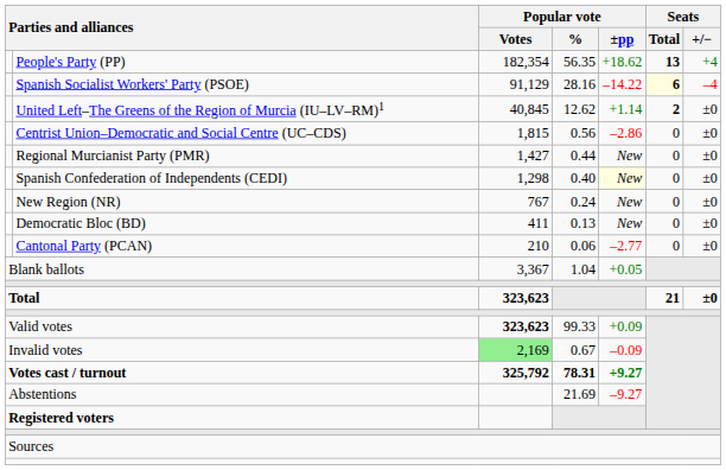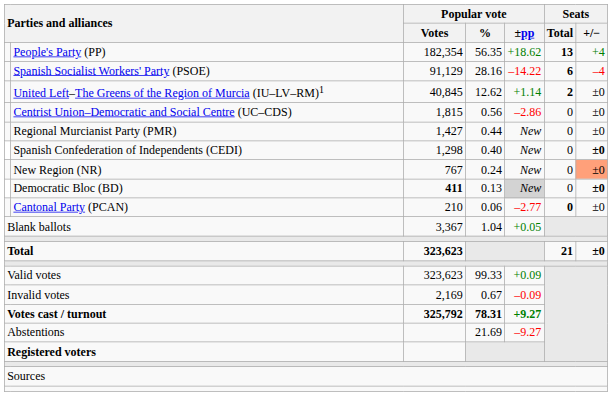 <table class="wikitable" style="text-align:right;">
 <tr>
 <th style="text-align:left;" rowspan="2" colspan="2" width="525">Parties and alliances</th>
 <th colspan="3">Popular vote</th>
 <th colspan="2">Seats</th>
 </tr>
 <tr>
 <th width="75">Votes</th>
 <th width="45">%</th>
 <th width="45">±<a href='#'>pp</a></th>
 <th width="35">Total</th>
 <th width="35">+/−</th>
 </tr>
 <tr>
 <td width="1" style="color:inherit;background:"></td>
 <td align="left"><a href='#'>People's Party</a> (PP)</td>
 <td>182,354</td>
 <td>56.35</td>
 <td style="color:green;">+18.62</td>
 <td><strong>13</strong></td>
 <td style="color:green;">+4</td>
 </tr>
 <tr>
 <td style="color:inherit;background:"></td>
 <td align="left"><a href='#'>Spanish Socialist Workers' Party</a> (PSOE)</td>
 <td>91,129</td>
 <td>28.16</td>
 <td style="color:red;">–14.22</td>
-<td style="background: lightyellow;"><strong>6</strong></td>
+<td><strong>6</strong></td>
 <td style="color:red;">–4</td>
 </tr>
 <tr>
 <td style="color:inherit;background:"></td>
 <td align="left"><a href='#'>United Left</a>–<a href='#'>The Greens of the Region of Murcia</a> (IU–LV–RM)<sup>1</sup></td>
 <td>40,845</td>
 <td>12.62</td>
 <td style="color:green;">+1.14</td>
 <td><strong>2</strong></td>
 <td>±0</td>
 </tr>
 <tr>
 <td style="color:inherit;background:"></td>
 <td align="left"><a href='#'>Centrist Union–Democratic and Social Centre</a> (UC–CDS)</td>
 <td>1,815</td>
 <td>0.56</td>
 <td style="color:red;">–2.86</td>
 <td>0</td>
 <td>±0</td>
 </tr>
 <tr>
 <td style="color:inherit;background:"></td>
 <td align="left">Regional Murcianist Party (PMR)</td>
 <td>1,427</td>
 <td>0.44</td>
 <td><em>New</em></td>
 <td>0</td>
 <td>±0</td>
 </tr>
 <tr>
 <td bgcolor="white"></td>
 <td align="left">Spanish Confederation of Independents (CEDI)</td>
 <td>1,298</td>
 <td>0.40</td>
-<td style="background: lightyellow;"><em>New</em></td>
+<td><em>New</em></td>
 <td>0</td>
-<td>±0</td>
+<td><strong>±0</strong></td>
 </tr>
 <tr>
 <td style="color:inherit;background:"></td>
 <td align="left">New Region (NR)</td>
 <td>767</td>
 <td>0.24</td>
 <td><em>New</em></td>
 <td>0</td>
-<td>±0</td>
+<td style="background: lightsalmon;">±0</td>
 </tr>
 <tr>
 <td bgcolor="white"></td>
 <td align="left">Democratic Bloc (BD)</td>
-<td>411</td>
+<td><strong>411</strong></td>
 <td>0.13</td>
-<td><em>New</em></td>
+<td style="background: lightgrey;"><em>New</em></td>
 <td>0</td>
-<td>±0</td>
+<td><strong>±0</strong></td>
 </tr>
 <tr>
 <td style="color:inherit;background:"></td>
 <td align="left"><a href='#'>Cantonal Party</a> (PCAN)</td>
 <td>210</td>
 <td>0.06</td>
 <td style="color:red;">–2.77</td>
-<td>0</td>
+<td><strong>0</strong></td>
 <td>±0</td>
 </tr>
 <tr>
 <td align="left" colspan="2">Blank ballots</td>
 <td>3,367</td>
 <td>1.04</td>
 <td style="color:green;">+0.05</td>
 <td bgcolor="#E9E9E9" colspan="2"></td>
 </tr>
 <tr>
 <td colspan="7" bgcolor="#E9E9E9"></td>
 </tr>
 <tr style="font-weight:bold;">
 <td align="left" colspan="2">Total</td>
 <td>323,623</td>
 <td bgcolor="#E9E9E9" colspan="2"></td>
 <td>21</td>
 <td>±0</td>
 </tr>
 <tr>
 <td colspan="7" bgcolor="#E9E9E9"></td>
 </tr>
 <tr>
 <td align="left" colspan="2">Valid votes</td>
-<td><strong>323,623</strong></td>
+<td>323,623</td>
 <td>99.33</td>
 <td style="color:green;">+0.09</td>
 <td bgcolor="#E9E9E9" colspan="2" rowspan="5"></td>
 </tr>
 <tr>
 <td align="left" colspan="2">Invalid votes</td>
-<td style="background: lightgreen;">2,169</td>
+<td>2,169</td>
 <td>0.67</td>
 <td style="color:red;">–0.09</td>
 </tr>
 <tr style="font-weight:bold;">
 <td align="left" colspan="2">Votes cast / turnout</td>
 <td>325,792</td>
 <td>78.31</td>
 <td style="color:green;">+9.27</td>
 </tr>
 <tr>
 <td align="left" colspan="2">Abstentions</td>
 <td></td>
 <td>21.69</td>
 <td style="color:red;">–9.27</td>
 </tr>
 <tr style="font-weight:bold;">
 <td align="left" colspan="2">Registered voters</td>
 <td></td>
 <td bgcolor="#E9E9E9" colspan="2"></td>
 </tr>
 <tr>
 <td colspan="7" bgcolor="#E9E9E9"></td>
 </tr>
 <tr>
 <td align="left" colspan="7">Sources</td>
 </tr>
 <tr>
 <td colspan="7" style="text-align:left; max-width:790px;"></td>
 </tr>
 </table>
